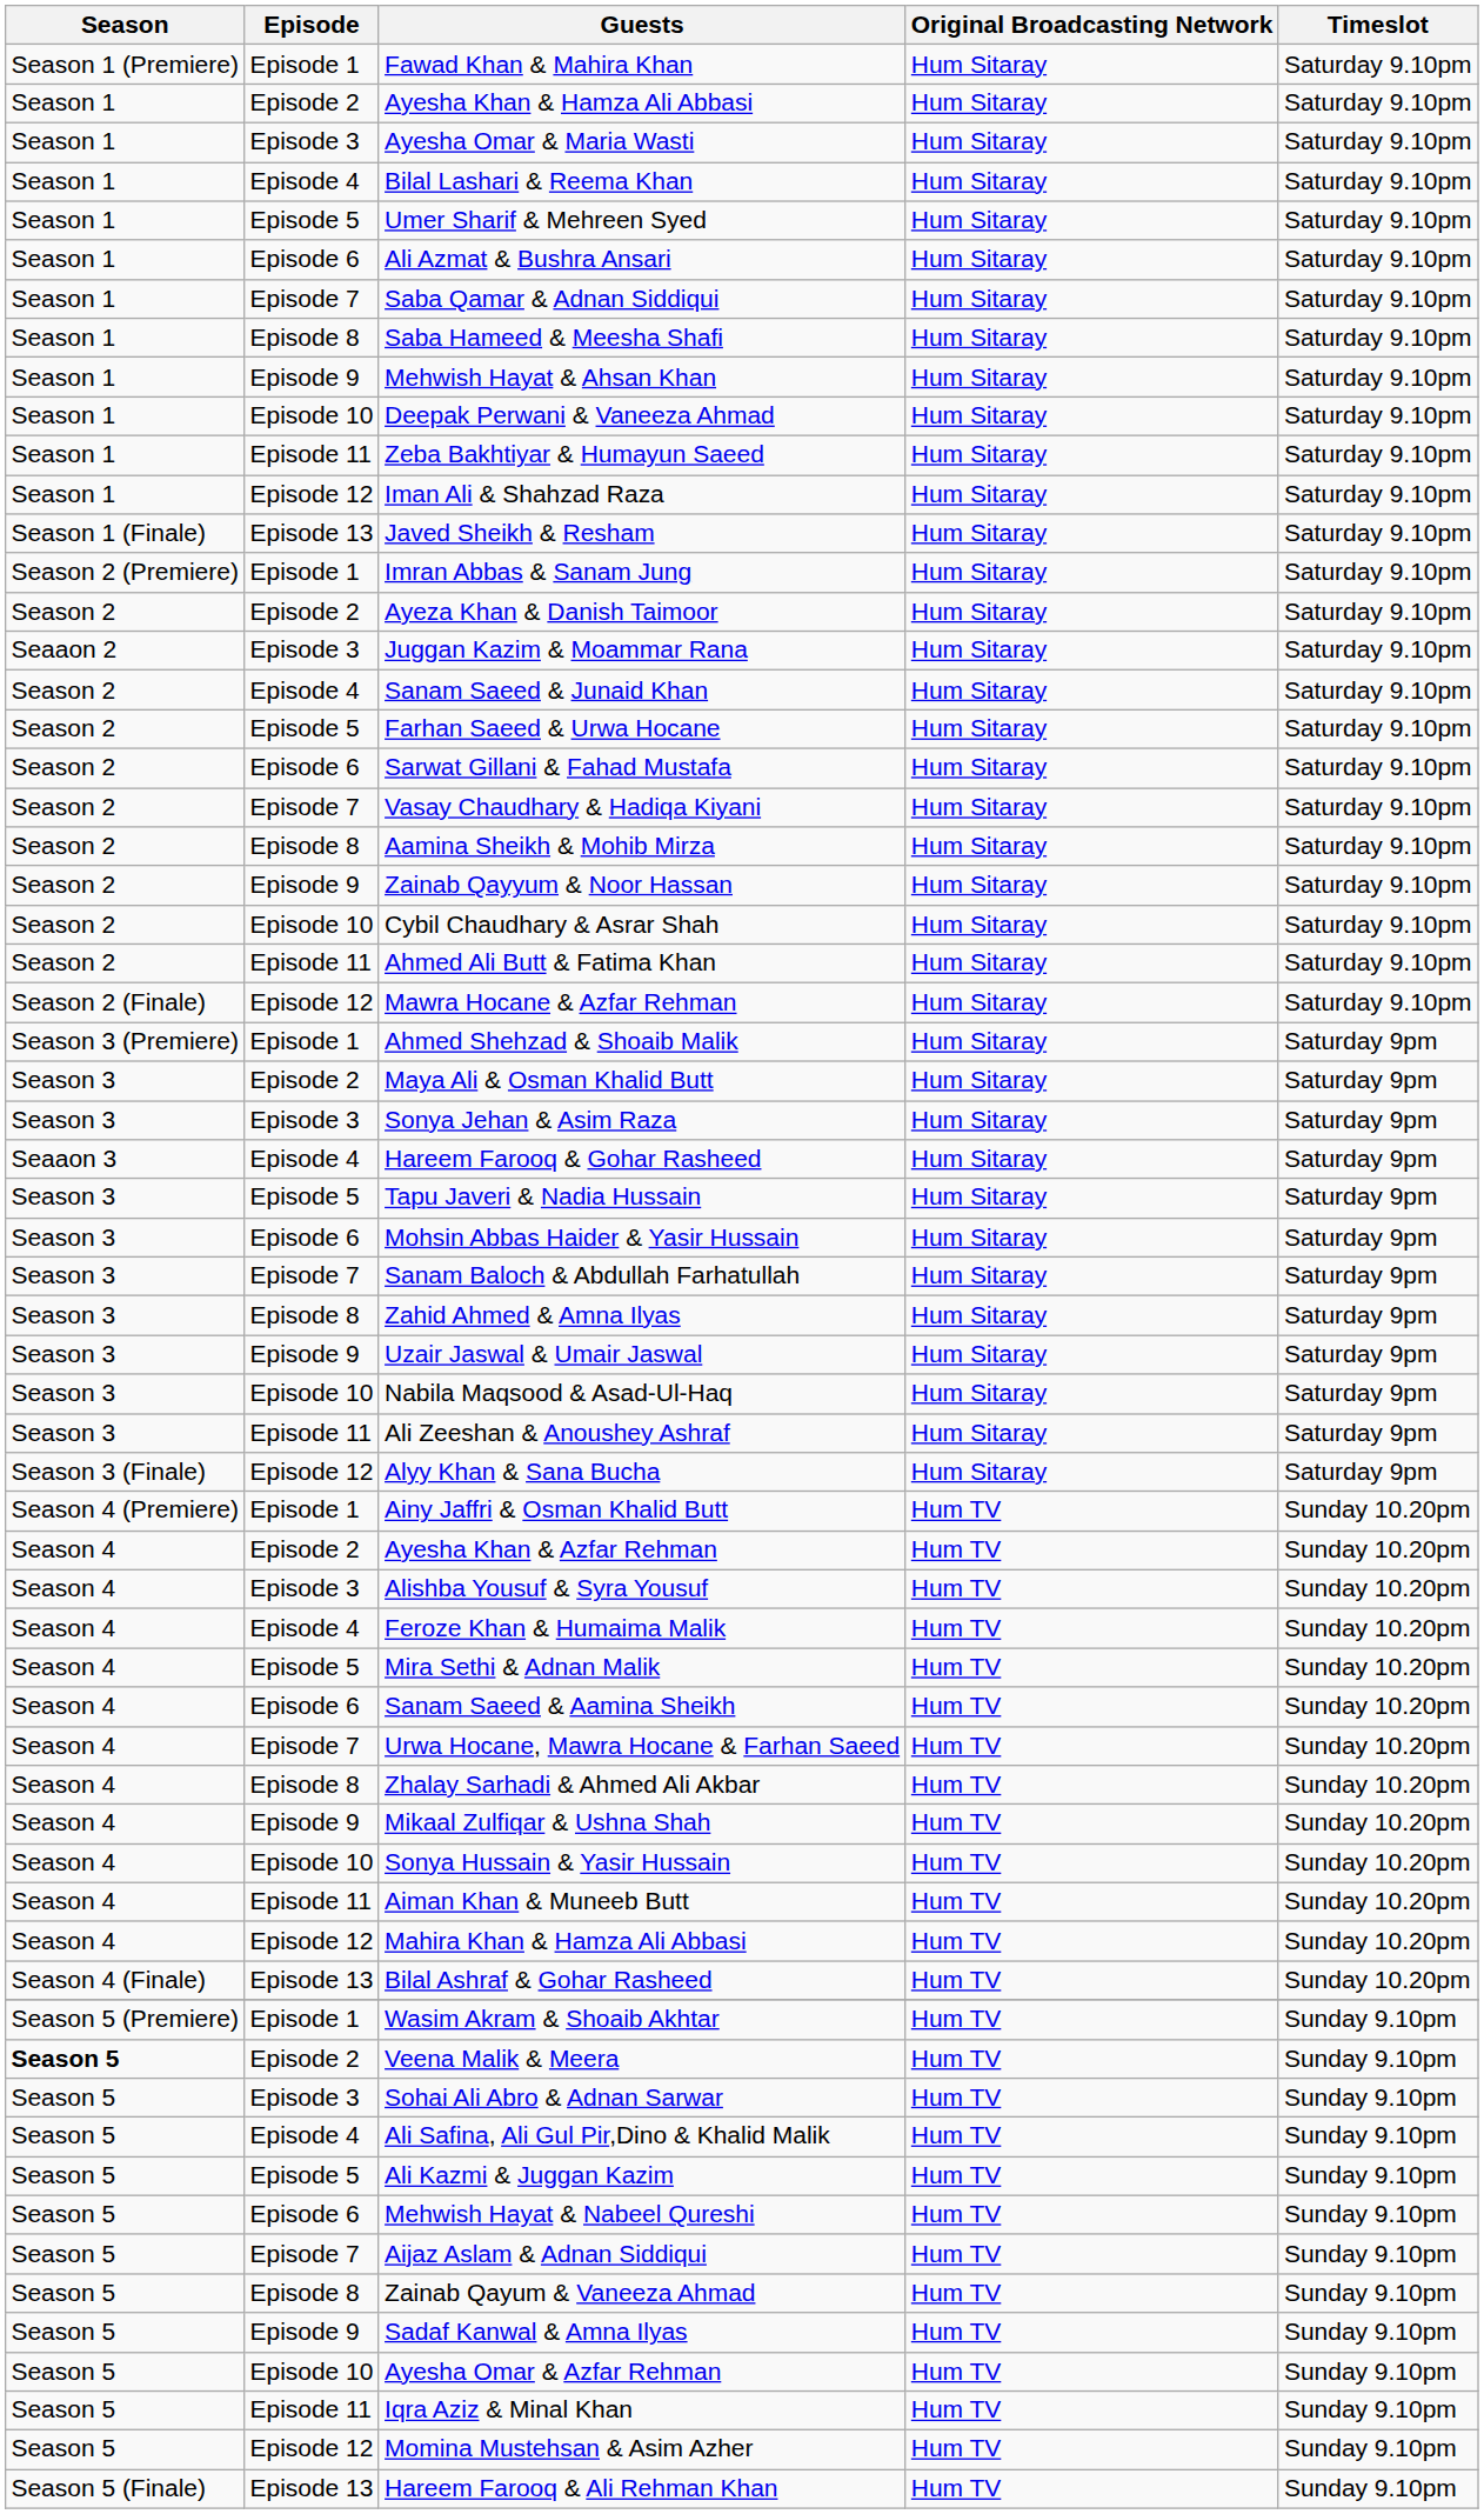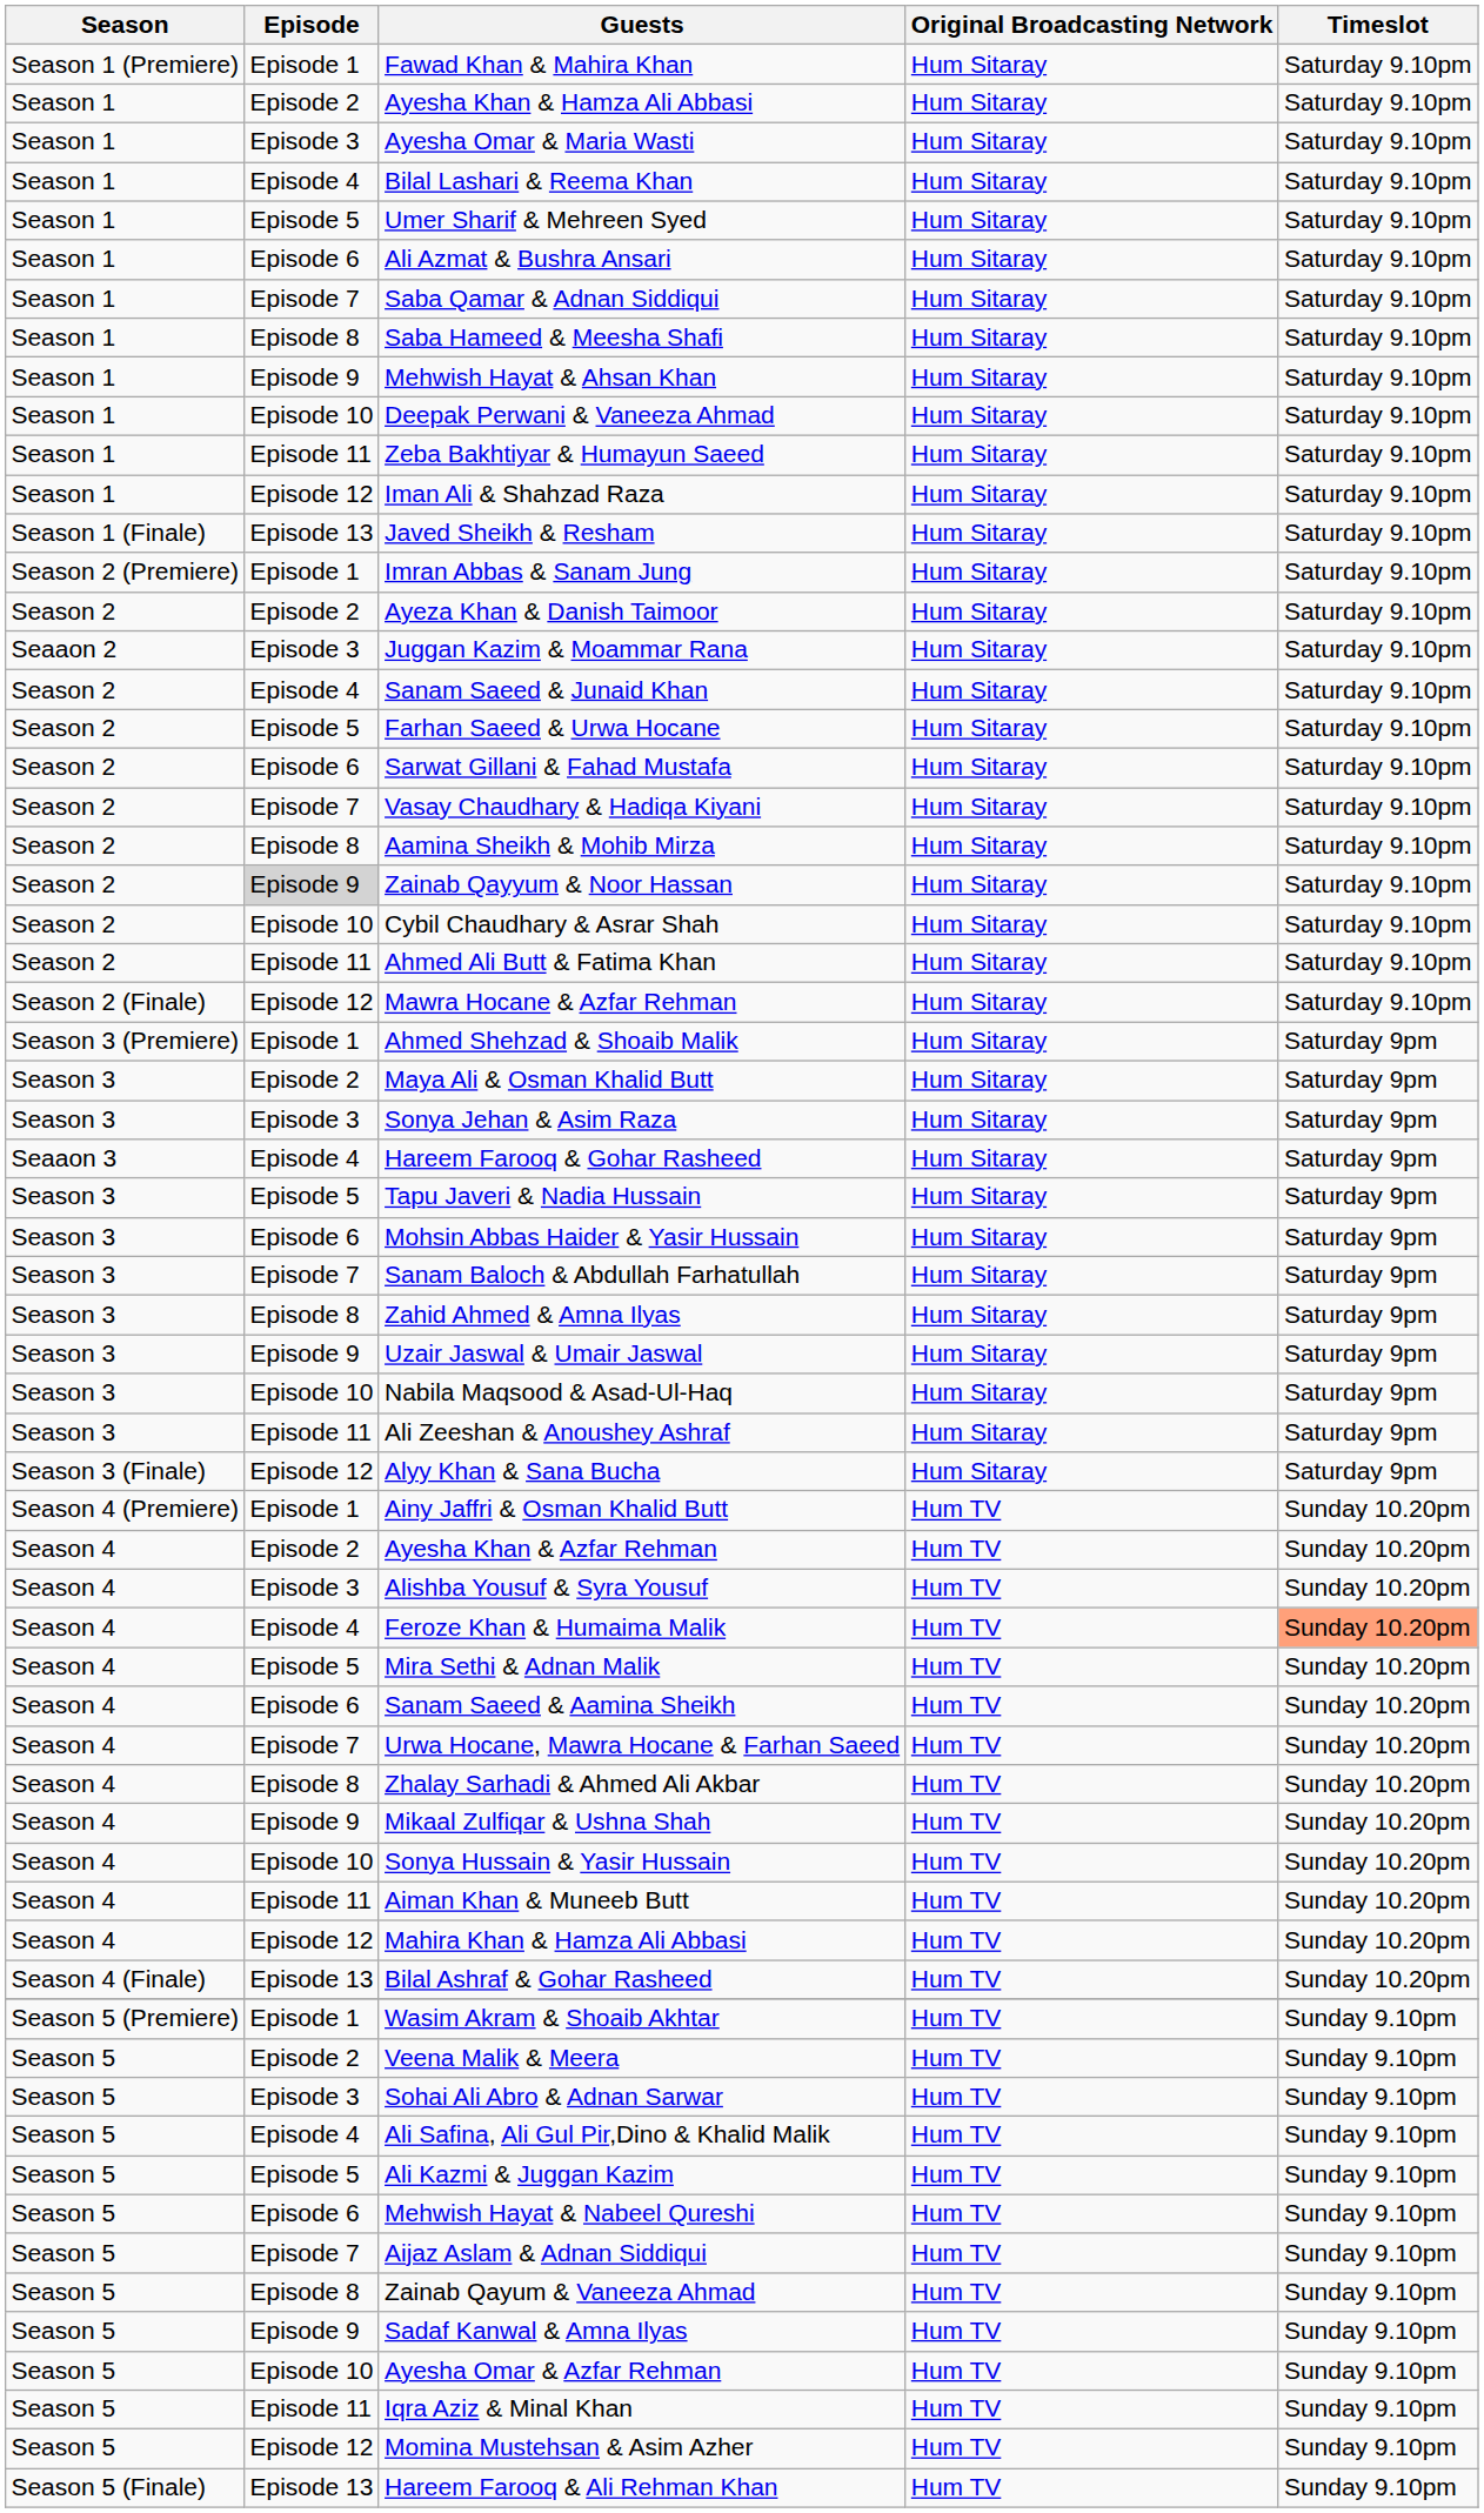 <table class="wikitable sortable">
 <tr>
 <th>Season</th>
 <th>Episode</th>
 <th>Guests</th>
 <th>Original Broadcasting Network</th>
 <th>Timeslot</th>
 </tr>
 <tr>
 <td>Season 1 (Premiere)</td>
 <td>Episode 1</td>
 <td><a href='#'>Fawad Khan</a> & <a href='#'>Mahira Khan</a></td>
 <td><a href='#'>Hum Sitaray</a></td>
 <td>Saturday 9.10pm</td>
 </tr>
 <tr>
 <td>Season 1</td>
 <td>Episode 2</td>
 <td><a href='#'>Ayesha Khan</a> & <a href='#'>Hamza Ali Abbasi</a></td>
 <td><a href='#'>Hum Sitaray</a></td>
 <td>Saturday 9.10pm</td>
 </tr>
 <tr>
 <td>Season 1</td>
 <td>Episode 3</td>
 <td><a href='#'>Ayesha Omar</a> & <a href='#'>Maria Wasti</a></td>
 <td><a href='#'>Hum Sitaray</a></td>
 <td>Saturday 9.10pm</td>
 </tr>
 <tr>
 <td>Season 1</td>
 <td>Episode 4</td>
 <td><a href='#'>Bilal Lashari</a> & <a href='#'>Reema Khan</a></td>
 <td><a href='#'>Hum Sitaray</a></td>
 <td>Saturday 9.10pm</td>
 </tr>
 <tr>
 <td>Season 1</td>
 <td>Episode 5</td>
 <td><a href='#'>Umer Sharif</a> & Mehreen Syed</td>
 <td><a href='#'>Hum Sitaray</a></td>
 <td>Saturday 9.10pm</td>
 </tr>
 <tr>
 <td>Season 1</td>
 <td>Episode 6</td>
 <td><a href='#'>Ali Azmat</a> & <a href='#'>Bushra Ansari</a></td>
 <td><a href='#'>Hum Sitaray</a></td>
 <td>Saturday 9.10pm</td>
 </tr>
 <tr>
 <td>Season 1</td>
 <td>Episode 7</td>
 <td><a href='#'>Saba Qamar</a> & <a href='#'>Adnan Siddiqui</a></td>
 <td><a href='#'>Hum Sitaray</a></td>
 <td>Saturday 9.10pm</td>
 </tr>
 <tr>
 <td>Season 1</td>
 <td>Episode 8</td>
 <td><a href='#'>Saba Hameed</a> & <a href='#'>Meesha Shafi</a></td>
 <td><a href='#'>Hum Sitaray</a></td>
 <td>Saturday 9.10pm</td>
 </tr>
 <tr>
 <td>Season 1</td>
 <td>Episode 9</td>
 <td><a href='#'>Mehwish Hayat</a> & <a href='#'>Ahsan Khan</a></td>
 <td><a href='#'>Hum Sitaray</a></td>
 <td>Saturday 9.10pm</td>
 </tr>
 <tr>
 <td>Season 1</td>
 <td>Episode 10</td>
 <td><a href='#'>Deepak Perwani</a> & <a href='#'>Vaneeza Ahmad</a></td>
 <td><a href='#'>Hum Sitaray</a></td>
 <td>Saturday 9.10pm</td>
 </tr>
 <tr>
 <td>Season 1</td>
 <td>Episode 11</td>
 <td><a href='#'>Zeba Bakhtiyar</a> & <a href='#'>Humayun Saeed</a></td>
 <td><a href='#'>Hum Sitaray</a></td>
 <td>Saturday 9.10pm</td>
 </tr>
 <tr>
 <td>Season 1</td>
 <td>Episode 12</td>
 <td><a href='#'>Iman Ali</a> & Shahzad Raza</td>
 <td><a href='#'>Hum Sitaray</a></td>
 <td>Saturday 9.10pm</td>
 </tr>
 <tr>
 <td>Season 1 (Finale)</td>
 <td>Episode 13</td>
 <td><a href='#'>Javed Sheikh</a> & <a href='#'>Resham</a></td>
 <td><a href='#'>Hum Sitaray</a></td>
 <td>Saturday 9.10pm</td>
 </tr>
 <tr>
 <td>Season 2 (Premiere)</td>
 <td>Episode 1</td>
 <td><a href='#'>Imran Abbas</a> & <a href='#'>Sanam Jung</a></td>
 <td><a href='#'>Hum Sitaray</a></td>
 <td>Saturday 9.10pm</td>
 </tr>
 <tr>
 <td>Season 2</td>
 <td>Episode 2</td>
 <td><a href='#'>Ayeza Khan</a> & <a href='#'>Danish Taimoor</a></td>
 <td><a href='#'>Hum Sitaray</a></td>
 <td>Saturday 9.10pm</td>
 </tr>
 <tr>
 <td>Seaaon 2</td>
 <td>Episode 3</td>
 <td><a href='#'>Juggan Kazim</a> & <a href='#'>Moammar Rana</a></td>
 <td><a href='#'>Hum Sitaray</a></td>
 <td>Saturday 9.10pm</td>
 </tr>
 <tr>
 <td>Season 2</td>
 <td>Episode 4</td>
 <td><a href='#'>Sanam Saeed</a> & <a href='#'>Junaid Khan</a></td>
 <td><a href='#'>Hum Sitaray</a></td>
 <td>Saturday 9.10pm</td>
 </tr>
 <tr>
 <td>Season 2</td>
 <td>Episode 5</td>
 <td><a href='#'>Farhan Saeed</a> & <a href='#'>Urwa Hocane</a></td>
 <td><a href='#'>Hum Sitaray</a></td>
 <td>Saturday 9.10pm</td>
 </tr>
 <tr>
 <td>Season 2</td>
 <td>Episode 6</td>
 <td><a href='#'>Sarwat Gillani</a> & <a href='#'>Fahad Mustafa</a></td>
 <td><a href='#'>Hum Sitaray</a></td>
 <td>Saturday 9.10pm</td>
 </tr>
 <tr>
 <td>Season 2</td>
 <td>Episode 7</td>
 <td><a href='#'>Vasay Chaudhary</a> & <a href='#'>Hadiqa Kiyani</a></td>
 <td><a href='#'>Hum Sitaray</a></td>
 <td>Saturday 9.10pm</td>
 </tr>
 <tr>
 <td>Season 2</td>
 <td>Episode 8</td>
 <td><a href='#'>Aamina Sheikh</a> & <a href='#'>Mohib Mirza</a></td>
 <td><a href='#'>Hum Sitaray</a></td>
 <td>Saturday 9.10pm</td>
 </tr>
 <tr>
 <td>Season 2</td>
-<td>Episode 9</td>
+<td style="background: lightgrey;">Episode 9</td>
 <td><a href='#'>Zainab Qayyum</a> & <a href='#'>Noor Hassan</a></td>
 <td><a href='#'>Hum Sitaray</a></td>
 <td>Saturday 9.10pm</td>
 </tr>
 <tr>
 <td>Season 2</td>
 <td>Episode 10</td>
 <td>Cybil Chaudhary & Asrar Shah</td>
 <td><a href='#'>Hum Sitaray</a></td>
 <td>Saturday 9.10pm</td>
 </tr>
 <tr>
 <td>Season 2</td>
 <td>Episode 11</td>
 <td><a href='#'>Ahmed Ali Butt</a> & Fatima Khan</td>
 <td><a href='#'>Hum Sitaray</a></td>
 <td>Saturday 9.10pm</td>
 </tr>
 <tr>
 <td>Season 2 (Finale)</td>
 <td>Episode 12</td>
 <td><a href='#'>Mawra Hocane</a> & <a href='#'>Azfar Rehman</a></td>
 <td><a href='#'>Hum Sitaray</a></td>
 <td>Saturday 9.10pm</td>
 </tr>
 <tr>
 <td>Season 3 (Premiere)</td>
 <td>Episode 1</td>
 <td><a href='#'>Ahmed Shehzad</a> & <a href='#'>Shoaib Malik</a></td>
 <td><a href='#'>Hum Sitaray</a></td>
 <td>Saturday 9pm</td>
 </tr>
 <tr>
 <td>Season 3</td>
 <td>Episode 2</td>
 <td><a href='#'>Maya Ali</a> & <a href='#'>Osman Khalid Butt</a></td>
 <td><a href='#'>Hum Sitaray</a></td>
 <td>Saturday 9pm</td>
 </tr>
 <tr>
 <td>Season 3</td>
 <td>Episode 3</td>
 <td><a href='#'>Sonya Jehan</a> & <a href='#'>Asim Raza</a></td>
 <td><a href='#'>Hum Sitaray</a></td>
 <td>Saturday 9pm</td>
 </tr>
 <tr>
 <td>Seaaon 3</td>
 <td>Episode 4</td>
 <td><a href='#'>Hareem Farooq</a> & <a href='#'>Gohar Rasheed</a></td>
 <td><a href='#'>Hum Sitaray</a></td>
 <td>Saturday 9pm</td>
 </tr>
 <tr>
 <td>Season 3</td>
 <td>Episode 5</td>
 <td><a href='#'>Tapu Javeri</a> & <a href='#'>Nadia Hussain</a></td>
 <td><a href='#'>Hum Sitaray</a></td>
 <td>Saturday 9pm</td>
 </tr>
 <tr>
 <td>Season 3</td>
 <td>Episode 6</td>
 <td><a href='#'>Mohsin Abbas Haider</a> & <a href='#'>Yasir Hussain</a></td>
 <td><a href='#'>Hum Sitaray</a></td>
 <td>Saturday 9pm</td>
 </tr>
 <tr>
 <td>Season 3</td>
 <td>Episode 7</td>
 <td><a href='#'>Sanam Baloch</a> & Abdullah Farhatullah</td>
 <td><a href='#'>Hum Sitaray</a></td>
 <td>Saturday 9pm</td>
 </tr>
 <tr>
 <td>Season 3</td>
 <td>Episode 8</td>
 <td><a href='#'>Zahid Ahmed</a> & <a href='#'>Amna Ilyas</a></td>
 <td><a href='#'>Hum Sitaray</a></td>
 <td>Saturday 9pm</td>
 </tr>
 <tr>
 <td>Season 3</td>
 <td>Episode 9</td>
 <td><a href='#'>Uzair Jaswal</a> & <a href='#'>Umair Jaswal</a></td>
 <td><a href='#'>Hum Sitaray</a></td>
 <td>Saturday 9pm</td>
 </tr>
 <tr>
 <td>Season 3</td>
 <td>Episode 10</td>
 <td>Nabila Maqsood & Asad-Ul-Haq</td>
 <td><a href='#'>Hum Sitaray</a></td>
 <td>Saturday 9pm</td>
 </tr>
 <tr>
 <td>Season 3</td>
 <td>Episode 11</td>
 <td>Ali Zeeshan & <a href='#'>Anoushey Ashraf</a></td>
 <td><a href='#'>Hum Sitaray</a></td>
 <td>Saturday 9pm</td>
 </tr>
 <tr>
 <td>Season 3 (Finale)</td>
 <td>Episode 12</td>
 <td><a href='#'>Alyy Khan</a> & <a href='#'>Sana Bucha</a></td>
 <td><a href='#'>Hum Sitaray</a></td>
 <td>Saturday 9pm</td>
 </tr>
 <tr>
 <td>Season 4 (Premiere)</td>
 <td>Episode 1</td>
 <td><a href='#'>Ainy Jaffri</a> & <a href='#'>Osman Khalid Butt</a></td>
 <td><a href='#'>Hum TV</a></td>
 <td>Sunday 10.20pm</td>
 </tr>
 <tr>
 <td>Season 4</td>
 <td>Episode 2</td>
 <td><a href='#'>Ayesha Khan</a> & <a href='#'>Azfar Rehman</a></td>
 <td><a href='#'>Hum TV</a></td>
 <td>Sunday 10.20pm</td>
 </tr>
 <tr>
 <td>Season 4</td>
 <td>Episode 3</td>
 <td><a href='#'>Alishba Yousuf</a> & <a href='#'>Syra Yousuf</a></td>
 <td><a href='#'>Hum TV</a></td>
 <td>Sunday 10.20pm</td>
 </tr>
 <tr>
 <td>Season 4</td>
 <td>Episode 4</td>
 <td><a href='#'>Feroze Khan</a> & <a href='#'>Humaima Malik</a></td>
 <td><a href='#'>Hum TV</a></td>
-<td>Sunday 10.20pm</td>
+<td style="background: lightsalmon;">Sunday 10.20pm</td>
 </tr>
 <tr>
 <td>Season 4</td>
 <td>Episode 5</td>
 <td><a href='#'>Mira Sethi</a> & <a href='#'>Adnan Malik</a></td>
 <td><a href='#'>Hum TV</a></td>
 <td>Sunday 10.20pm</td>
 </tr>
 <tr>
 <td>Season 4</td>
 <td>Episode 6</td>
 <td><a href='#'>Sanam Saeed</a> & <a href='#'>Aamina Sheikh</a></td>
 <td><a href='#'>Hum TV</a></td>
 <td>Sunday 10.20pm</td>
 </tr>
 <tr>
 <td>Season 4</td>
 <td>Episode 7</td>
 <td><a href='#'>Urwa Hocane</a>, <a href='#'>Mawra Hocane</a> & <a href='#'>Farhan Saeed</a></td>
 <td><a href='#'>Hum TV</a></td>
 <td>Sunday 10.20pm</td>
 </tr>
 <tr>
 <td>Season 4</td>
 <td>Episode 8</td>
 <td><a href='#'>Zhalay Sarhadi</a> & Ahmed Ali Akbar</td>
 <td><a href='#'>Hum TV</a></td>
 <td>Sunday 10.20pm</td>
 </tr>
 <tr>
 <td>Season 4</td>
 <td>Episode 9</td>
 <td><a href='#'>Mikaal Zulfiqar</a> & <a href='#'>Ushna Shah</a></td>
 <td><a href='#'>Hum TV</a></td>
 <td>Sunday 10.20pm</td>
 </tr>
 <tr>
 <td>Season 4</td>
 <td>Episode 10</td>
 <td><a href='#'>Sonya Hussain</a> & <a href='#'>Yasir Hussain</a></td>
 <td><a href='#'>Hum TV</a></td>
 <td>Sunday 10.20pm</td>
 </tr>
 <tr>
 <td>Season 4</td>
 <td>Episode 11</td>
 <td><a href='#'>Aiman Khan</a> & Muneeb Butt</td>
 <td><a href='#'>Hum TV</a></td>
 <td>Sunday 10.20pm</td>
 </tr>
 <tr>
 <td>Season 4</td>
 <td>Episode 12</td>
 <td><a href='#'>Mahira Khan</a> & <a href='#'>Hamza Ali Abbasi</a></td>
 <td><a href='#'>Hum TV</a></td>
 <td>Sunday 10.20pm</td>
 </tr>
 <tr>
 <td>Season 4 (Finale)</td>
 <td>Episode 13</td>
 <td><a href='#'>Bilal Ashraf</a> & <a href='#'>Gohar Rasheed</a></td>
 <td><a href='#'>Hum TV</a></td>
 <td>Sunday 10.20pm</td>
 </tr>
 <tr>
 </tr>
 <tr>
 <td>Season 5 (Premiere)</td>
 <td>Episode 1</td>
 <td><a href='#'>Wasim Akram</a> & <a href='#'>Shoaib Akhtar</a></td>
 <td><a href='#'>Hum TV</a></td>
 <td>Sunday 9.10pm</td>
 </tr>
 <tr>
-<td><strong>Season 5</strong></td>
+<td>Season 5</td>
 <td>Episode 2</td>
 <td><a href='#'>Veena Malik</a> & <a href='#'>Meera</a></td>
 <td><a href='#'>Hum TV</a></td>
 <td>Sunday 9.10pm</td>
 </tr>
 <tr>
 <td>Season 5</td>
 <td>Episode 3</td>
 <td><a href='#'>Sohai Ali Abro</a> & <a href='#'>Adnan Sarwar</a></td>
 <td><a href='#'>Hum TV</a></td>
 <td>Sunday 9.10pm</td>
 </tr>
 <tr>
 <td>Season 5</td>
 <td>Episode 4</td>
 <td><a href='#'>Ali Safina</a>, <a href='#'>Ali Gul Pir</a>,Dino & Khalid Malik</td>
 <td><a href='#'>Hum TV</a></td>
 <td>Sunday 9.10pm</td>
 </tr>
 <tr>
 <td>Season 5</td>
 <td>Episode 5</td>
 <td><a href='#'>Ali Kazmi</a> & <a href='#'>Juggan Kazim</a></td>
 <td><a href='#'>Hum TV</a></td>
 <td>Sunday 9.10pm</td>
 </tr>
 <tr>
 <td>Season 5</td>
 <td>Episode 6</td>
 <td><a href='#'>Mehwish Hayat</a> & <a href='#'>Nabeel Qureshi</a></td>
 <td><a href='#'>Hum TV</a></td>
 <td>Sunday 9.10pm</td>
 </tr>
 <tr>
 <td>Season 5</td>
 <td>Episode 7</td>
 <td><a href='#'>Aijaz Aslam</a> & <a href='#'>Adnan Siddiqui</a></td>
 <td><a href='#'>Hum TV</a></td>
 <td>Sunday 9.10pm</td>
 </tr>
 <tr>
 <td>Season 5</td>
 <td>Episode 8</td>
 <td>Zainab Qayum & <a href='#'>Vaneeza Ahmad</a></td>
 <td><a href='#'>Hum TV</a></td>
 <td>Sunday 9.10pm</td>
 </tr>
 <tr>
 <td>Season 5</td>
 <td>Episode 9</td>
 <td><a href='#'>Sadaf Kanwal</a> & <a href='#'>Amna Ilyas</a></td>
 <td><a href='#'>Hum TV</a></td>
 <td>Sunday 9.10pm</td>
 </tr>
 <tr>
 <td>Season 5</td>
 <td>Episode 10</td>
 <td><a href='#'>Ayesha Omar</a> & <a href='#'>Azfar Rehman</a></td>
 <td><a href='#'>Hum TV</a></td>
 <td>Sunday 9.10pm</td>
 </tr>
 <tr>
 <td>Season 5</td>
 <td>Episode 11</td>
 <td><a href='#'>Iqra Aziz</a> & Minal Khan</td>
 <td><a href='#'>Hum TV</a></td>
 <td>Sunday 9.10pm</td>
 </tr>
 <tr>
 <td>Season 5</td>
 <td>Episode 12</td>
 <td><a href='#'>Momina Mustehsan</a> & Asim Azher</td>
 <td><a href='#'>Hum TV</a></td>
 <td>Sunday 9.10pm</td>
 </tr>
 <tr>
 <td>Season 5 (Finale)</td>
 <td>Episode 13</td>
 <td><a href='#'>Hareem Farooq</a> & <a href='#'>Ali Rehman Khan</a></td>
 <td><a href='#'>Hum TV</a></td>
 <td>Sunday 9.10pm</td>
 </tr>
 </table>
